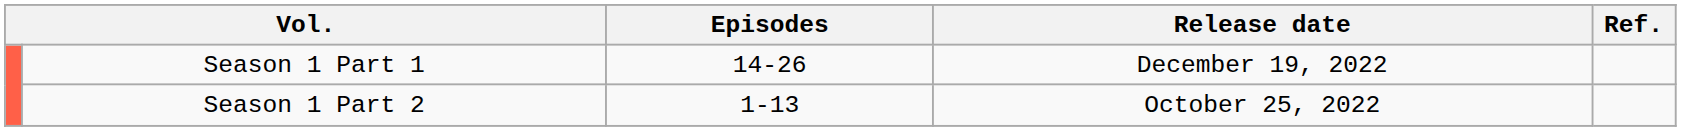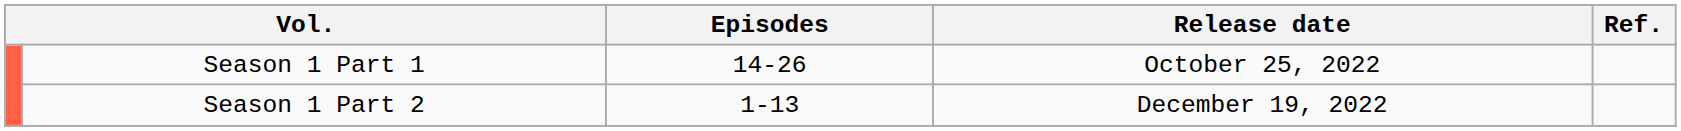 <table class="wikitable" style="text-align: center; width: 70%;">
 <tr>
 <th colspan="2">Vol.</th>
 <th>Episodes</th>
 <th>Release date</th>
 <th width="5%">Ref.</th>
 </tr>
 <tr>
 <td rowspan="2" width="1%" style="background: #FF6048;"></td>
 <td>Season 1 Part 1</td>
 <td>14-26</td>
-<td>December 19, 2022</td>
+<td>October 25, 2022</td>
 <td></td>
 </tr>
 <tr>
 <td>Season 1 Part 2</td>
 <td>1-13</td>
-<td>October 25, 2022</td>
+<td>December 19, 2022</td>
 <td></td>
 </tr>
 </table>
